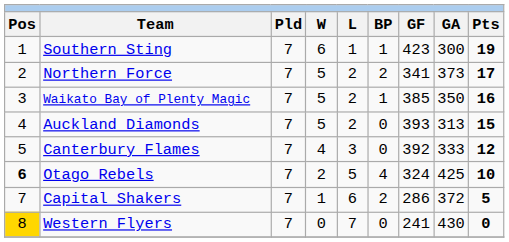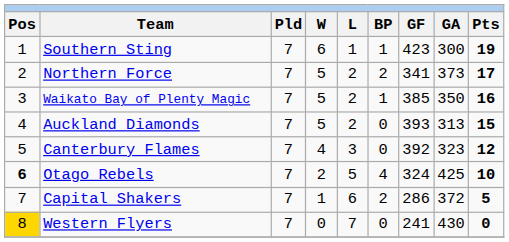 <table class="wikitable" style="text-align:center" align="centre">
 <tr>
 <th colspan="10" style="background:#abcdef"></th>
 </tr>
 <tr>
 <th width=20 abbr="Position">Pos</th>
 <th width=190>Team</th>
 <th width=20 abbr="Played">Pld</th>
 <th width=20 abbr="Won">W</th>
 <th width=20 abbr="Lost">L</th>
 <th width=20 abbr="Lost">BP</th>
 <th width=20 abbr="Goals for">GF</th>
 <th width=20 abbr="Goals against">GA</th>
 <th width=20 abbr="Points">Pts</th>
 </tr>
 <tr style="background:#">
 <td>1</td>
 <td style="text-align:left"><a href='#'>Southern Sting</a></td>
 <td>7</td>
 <td>6</td>
 <td>1</td>
 <td>1</td>
 <td>423</td>
 <td>300</td>
 <td><strong>19</strong></td>
 </tr>
 <tr style="background:#">
 <td>2</td>
 <td style="text-align:left"><a href='#'>Northern Force</a></td>
 <td>7</td>
 <td>5</td>
 <td>2</td>
 <td>2</td>
 <td>341</td>
 <td>373</td>
 <td><strong>17</strong></td>
 </tr>
 <tr style="background:#">
 <td>3</td>
 <td style="text-align:left"><small><a href='#'>Waikato Bay of Plenty Magic</a></small></td>
 <td>7</td>
 <td>5</td>
 <td>2</td>
 <td>1</td>
 <td>385</td>
 <td>350</td>
 <td><strong>16</strong></td>
 </tr>
 <tr style="background:#">
 <td>4</td>
 <td style="text-align:left"><a href='#'>Auckland Diamonds</a></td>
 <td>7</td>
 <td>5</td>
 <td>2</td>
 <td>0</td>
 <td>393</td>
 <td>313</td>
 <td><strong>15</strong></td>
 </tr>
 <tr>
 <td>5</td>
 <td style="text-align:left"><a href='#'>Canterbury Flames</a></td>
 <td>7</td>
 <td>4</td>
 <td>3</td>
 <td>0</td>
 <td>392</td>
-<td>333</td>
+<td>323</td>
 <td><strong>12</strong></td>
 </tr>
 <tr>
 <td><strong>6</strong></td>
 <td style="text-align:left"><a href='#'>Otago Rebels</a></td>
 <td>7</td>
 <td>2</td>
 <td>5</td>
 <td>4</td>
 <td>324</td>
 <td>425</td>
 <td><strong>10</strong></td>
 </tr>
 <tr>
 <td>7</td>
 <td style="text-align:left"><a href='#'>Capital Shakers</a></td>
 <td>7</td>
 <td>1</td>
 <td>6</td>
 <td>2</td>
 <td>286</td>
 <td>372</td>
 <td><strong>5</strong></td>
 </tr>
 <tr>
 <td style="background: gold;">8</td>
 <td style="text-align:left"><a href='#'>Western Flyers</a></td>
 <td>7</td>
 <td>0</td>
 <td>7</td>
 <td>0</td>
 <td>241</td>
 <td>430</td>
 <td><strong>0</strong></td>
 </tr>
 <tr>
 </tr>
 </table>
